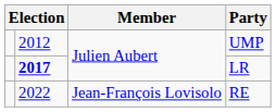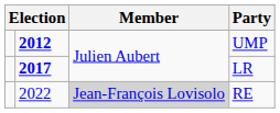 <table class="wikitable">
 <tr>
 <th colspan=2>Election</th>
 <th>Member</th>
 <th>Party</th>
 </tr>
 <tr>
 <td style="background-color: "></td>
-<td><a href='#'>2012</a></td>
+<td><strong><a href='#'>2012</a></strong></td>
 <td rowspan="2"><a href='#'>Julien Aubert</a></td>
 <td><a href='#'>UMP</a></td>
 </tr>
 <tr>
 <td style="background-color: "></td>
 <td><strong><a href='#'>2017</a></strong></td>
 <td><a href='#'>LR</a></td>
 </tr>
 <tr>
 <td style="background-color: "></td>
 <td><a href='#'>2022</a></td>
-<td><a href='#'>Jean-François Lovisolo</a></td>
+<td style="background: lightgrey;"><a href='#'>Jean-François Lovisolo</a></td>
 <td><a href='#'>RE</a></td>
 </tr>
 </table>
